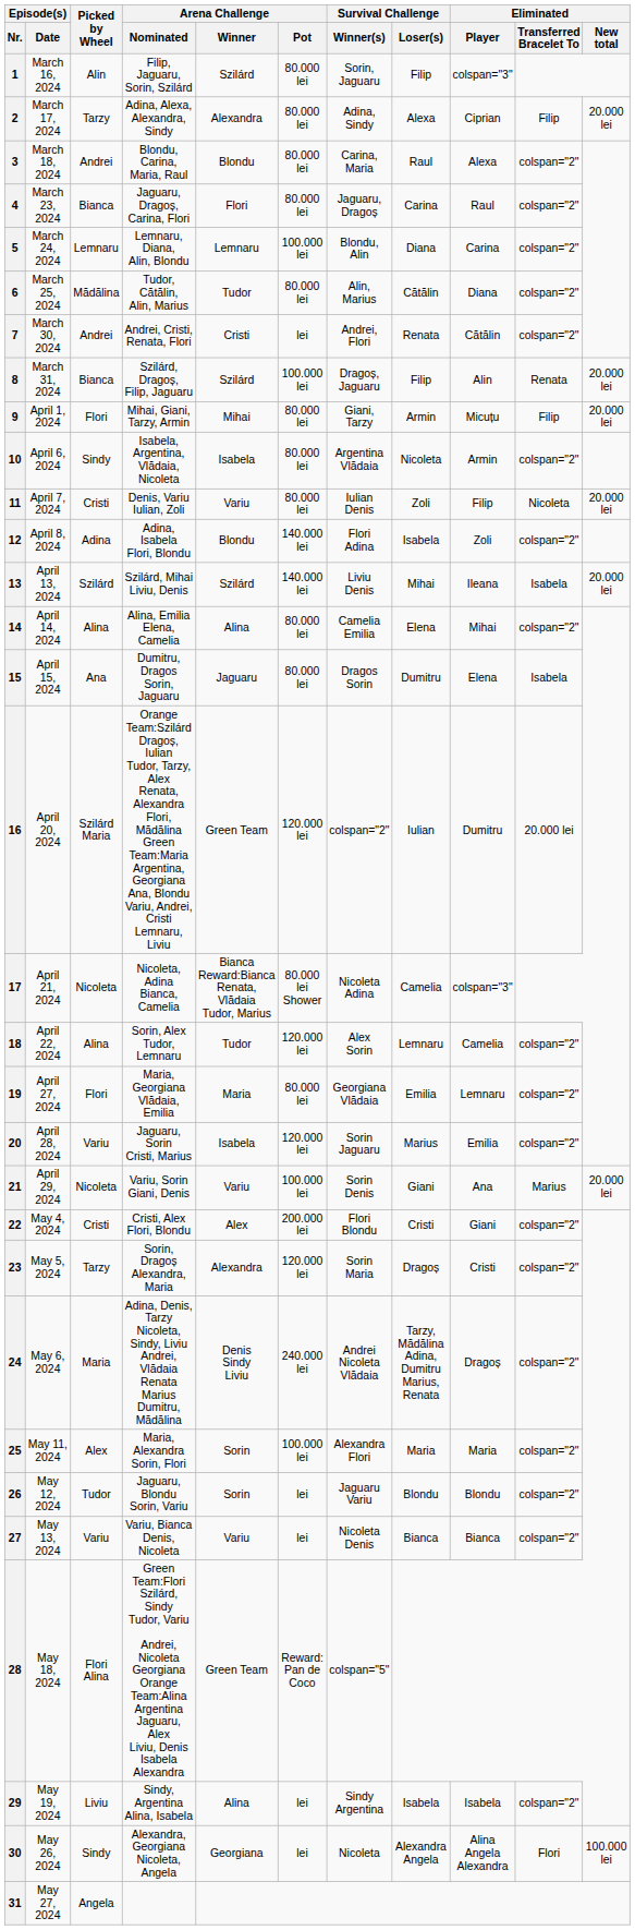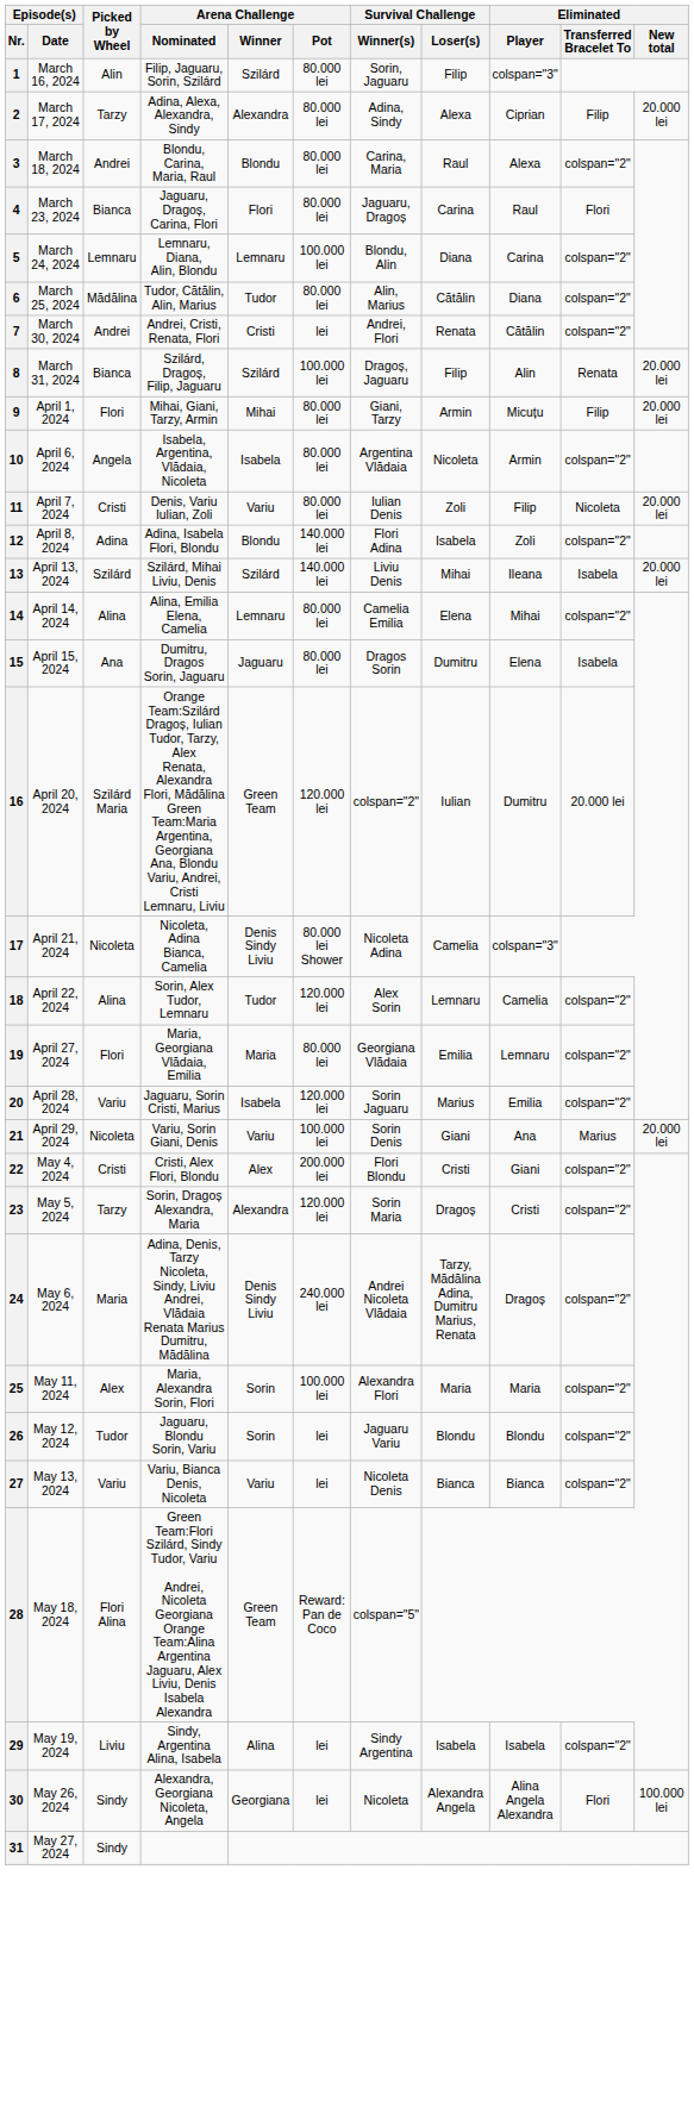 <table class="wikitable plainrowheaders nowrap" style="margin:auto; text-align:center">
 <tr>
 <th scope="col" colspan="2">Episode(s)</th>
 <th scope="col" rowspan="2">Picked <br>by Wheel</th>
 <th scope="col" colspan="3">Arena Challenge</th>
 <th scope="col" colspan="2">Survival Challenge</th>
 <th scope="col" colspan="3">Eliminated</th>
 </tr>
 <tr>
 <th>Nr.</th>
 <th>Date</th>
 <th>Nominated</th>
 <th>Winner</th>
 <th>Pot</th>
 <th>Winner(s)</th>
 <th>Loser(s)</th>
 <th>Player</th>
 <th>Transferred <br> Bracelet To</th>
 <th>New total</th>
 </tr>
 <tr>
 <th>1</th>
 <td>March 16, 2024</td>
 <td>Alin</td>
 <td>Filip, Jaguaru, <br> Sorin, Szilárd</td>
 <td>Szilárd</td>
 <td>80.000 lei</td>
 <td>Sorin, <br> Jaguaru</td>
 <td>Filip</td>
 <td>colspan="3" </td>
 </tr>
 <tr>
 <th>2</th>
 <td>March 17, 2024</td>
 <td>Tarzy</td>
 <td>Adina, Alexa, <br> Alexandra, Sindy</td>
 <td>Alexandra</td>
 <td>80.000 lei</td>
 <td>Adina, <br> Sindy</td>
 <td>Alexa</td>
 <td>Ciprian</td>
 <td>Filip</td>
 <td>20.000 lei</td>
 </tr>
 <tr>
 <th>3</th>
 <td>March 18, 2024</td>
 <td>Andrei</td>
 <td>Blondu, Carina, <br> Maria, Raul</td>
 <td>Blondu</td>
 <td>80.000 lei</td>
 <td>Carina, <br> Maria</td>
 <td>Raul</td>
 <td>Alexa</td>
 <td>colspan="2" </td>
 </tr>
 <tr>
 <th>4</th>
 <td>March 23, 2024</td>
 <td>Bianca</td>
 <td>Jaguaru, Dragoș, <br> Carina, Flori</td>
 <td>Flori</td>
 <td>80.000 lei</td>
 <td>Jaguaru, <br> Dragoș</td>
 <td>Carina</td>
 <td>Raul</td>
-<td>colspan="2" </td>
+<td>Flori</td>
 </tr>
 <tr>
 <th>5</th>
 <td>March 24, 2024</td>
 <td>Lemnaru</td>
 <td>Lemnaru, Diana, <br> Alin, Blondu</td>
 <td>Lemnaru</td>
 <td>100.000 lei</td>
 <td>Blondu, <br> Alin</td>
 <td>Diana</td>
 <td>Carina</td>
 <td>colspan="2" </td>
 </tr>
 <tr>
 <th>6</th>
 <td>March 25, 2024</td>
 <td>Mădălina</td>
 <td>Tudor, Cătălin, <br> Alin, Marius</td>
 <td>Tudor</td>
 <td>80.000 lei</td>
 <td>Alin, <br> Marius</td>
 <td>Cătălin</td>
 <td>Diana</td>
 <td>colspan="2" </td>
 </tr>
 <tr>
 <th>7</th>
 <td>March 30, 2024</td>
 <td>Andrei</td>
 <td>Andrei, Cristi, <br> Renata, Flori</td>
 <td>Cristi</td>
 <td>lei</td>
 <td>Andrei, <br> Flori</td>
 <td>Renata</td>
 <td>Cătălin</td>
 <td>colspan="2" </td>
 </tr>
 <tr>
 <th>8</th>
 <td>March 31, 2024</td>
 <td>Bianca</td>
 <td>Szilárd, Dragoș, <br> Filip, Jaguaru</td>
 <td>Szilárd</td>
 <td>100.000 lei</td>
 <td>Dragoș, <br> Jaguaru</td>
 <td>Filip</td>
 <td>Alin</td>
 <td>Renata</td>
 <td>20.000 lei</td>
 </tr>
 <tr>
 <th>9</th>
 <td>April 1, 2024</td>
 <td>Flori</td>
 <td>Mihai, Giani,<br>Tarzy, Armin</td>
 <td>Mihai</td>
 <td>80.000 lei</td>
 <td>Giani, <br> Tarzy</td>
 <td>Armin</td>
 <td>Micuțu</td>
 <td>Filip</td>
 <td>20.000 lei</td>
 </tr>
 <tr>
 <th>10</th>
 <td>April 6, 2024</td>
-<td>Sindy</td>
+<td>Angela</td>
 <td>Isabela, Argentina,<br>Vlădaia, Nicoleta</td>
 <td>Isabela</td>
 <td>80.000 lei</td>
 <td>Argentina <br> Vlădaia</td>
 <td>Nicoleta</td>
 <td>Armin</td>
 <td>colspan="2" </td>
 </tr>
 <tr>
 <th>11</th>
 <td>April 7, 2024</td>
 <td>Cristi</td>
 <td>Denis, Variu <br> Iulian, Zoli</td>
 <td>Variu</td>
 <td>80.000 lei</td>
 <td>Iulian <br> Denis</td>
 <td>Zoli</td>
 <td>Filip</td>
 <td>Nicoleta</td>
 <td>20.000 lei</td>
 </tr>
 <tr>
 <th>12</th>
 <td>April 8, 2024</td>
 <td>Adina</td>
 <td>Adina, Isabela <br> Flori, Blondu</td>
 <td>Blondu</td>
 <td>140.000 lei</td>
 <td>Flori <br> Adina</td>
 <td>Isabela</td>
 <td>Zoli</td>
 <td>colspan="2" </td>
 </tr>
 <tr>
 <th>13</th>
 <td>April 13, 2024</td>
 <td>Szilárd</td>
 <td>Szilárd, Mihai <br> Liviu, Denis</td>
 <td>Szilárd</td>
 <td>140.000 lei</td>
 <td>Liviu <br> Denis</td>
 <td>Mihai</td>
 <td>Ileana</td>
 <td>Isabela</td>
 <td>20.000 lei</td>
 </tr>
 <tr>
 <th>14</th>
 <td>April 14, 2024</td>
 <td>Alina</td>
 <td>Alina, Emilia <br> Elena, Camelia</td>
-<td>Alina</td>
+<td>Lemnaru</td>
 <td>80.000 lei</td>
 <td>Camelia <br> Emilia</td>
 <td>Elena</td>
 <td>Mihai</td>
 <td>colspan="2" </td>
 </tr>
 <tr>
 <th>15</th>
 <td>April 15, 2024</td>
 <td>Ana</td>
 <td>Dumitru, Dragos <br> Sorin, Jaguaru</td>
 <td>Jaguaru</td>
 <td>80.000 lei</td>
 <td>Dragos <br> Sorin</td>
 <td>Dumitru</td>
 <td>Elena</td>
 <td>Isabela</td>
 </tr>
 <tr>
 <th>16</th>
 <td>April 20, 2024</td>
 <td> Szilárd <br> Maria</td>
 <td>Orange Team:Szilárd <br> Dragoș,  Iulian <br> Tudor, Tarzy,  Alex <br> Renata, Alexandra <br> Flori, Mădălina<br>Green Team:Maria <br> Argentina, Georgiana <br> Ana, Blondu <br> Variu, Andrei, Cristi <br> Lemnaru, Liviu</td>
 <td>Green Team</td>
 <td>120.000 lei</td>
 <td>colspan="2" </td>
 <td>Iulian</td>
 <td>Dumitru</td>
 <td>20.000 lei</td>
 </tr>
 <tr>
 <th>17</th>
 <td>April 21, 2024</td>
 <td>Nicoleta</td>
 <td>Nicoleta, Adina <br> Bianca, Camelia</td>
-<td>Bianca <br> Reward:Bianca <br>  Renata, Vlădaia <br> Tudor, Marius</td>
+<td>Denis <br> Sindy <br> Liviu</td>
 <td>80.000 lei<br>Shower</td>
 <td>Nicoleta <br> Adina</td>
 <td>Camelia</td>
 <td>colspan="3" </td>
 </tr>
 <tr>
 <th>18</th>
 <td>April 22, 2024</td>
 <td>Alina</td>
 <td>Sorin, Alex <br> Tudor, Lemnaru</td>
 <td>Tudor</td>
 <td>120.000 lei</td>
 <td>Alex <br> Sorin</td>
 <td>Lemnaru</td>
 <td>Camelia</td>
 <td>colspan="2" </td>
 </tr>
 <tr>
 <th>19</th>
 <td>April 27, 2024</td>
 <td>Flori</td>
 <td>Maria, Georgiana <br> Vlădaia, Emilia</td>
 <td>Maria</td>
 <td>80.000 lei</td>
 <td>Georgiana <br> Vlădaia</td>
 <td>Emilia</td>
 <td>Lemnaru</td>
 <td>colspan="2" </td>
 </tr>
 <tr>
 <th>20</th>
 <td>April 28, 2024</td>
 <td>Variu</td>
 <td>Jaguaru, Sorin <br> Cristi, Marius</td>
 <td>Isabela</td>
 <td>120.000 lei</td>
 <td>Sorin <br> Jaguaru</td>
 <td>Marius</td>
 <td>Emilia</td>
 <td>colspan="2" </td>
 </tr>
 <tr>
 <th>21</th>
 <td>April 29, 2024</td>
 <td>Nicoleta</td>
 <td>Variu, Sorin <br> Giani, Denis</td>
 <td>Variu</td>
 <td>100.000 lei</td>
 <td>Sorin <br> Denis</td>
 <td>Giani</td>
 <td>Ana</td>
 <td>Marius</td>
 <td>20.000 lei</td>
 </tr>
 <tr>
 <th>22</th>
 <td>May 4, 2024</td>
 <td>Cristi</td>
 <td>Cristi, Alex <br> Flori, Blondu</td>
 <td>Alex</td>
 <td>200.000 lei</td>
 <td>Flori <br> Blondu</td>
 <td>Cristi</td>
 <td>Giani</td>
 <td>colspan="2" </td>
 </tr>
 <tr>
 <th>23</th>
 <td>May 5, 2024</td>
 <td>Tarzy</td>
 <td>Sorin, Dragoș <br> Alexandra, Maria</td>
 <td>Alexandra</td>
 <td>120.000 lei</td>
 <td>Sorin <br> Maria</td>
 <td>Dragoș</td>
 <td>Cristi</td>
 <td>colspan="2" </td>
 </tr>
 <tr>
 <th>24</th>
 <td>May 6, 2024</td>
 <td>Maria</td>
 <td> Adina, Denis, Tarzy <br> Nicoleta, Sindy, Liviu <br> Andrei, Vlădaia <br> Renata Marius <br> Dumitru, Mădălina</td>
 <td>Denis <br> Sindy <br> Liviu</td>
 <td>240.000 lei</td>
 <td>Andrei <br> Nicoleta <br> Vlădaia</td>
 <td> Tarzy, Mădălina <br> Adina, Dumitru <br> Marius, Renata</td>
 <td>Dragoș</td>
 <td>colspan="2" </td>
 </tr>
 <tr>
 <th>25</th>
 <td>May 11, 2024</td>
 <td>Alex</td>
 <td>Maria, Alexandra <br> Sorin, Flori</td>
 <td>Sorin</td>
 <td>100.000 lei</td>
 <td>Alexandra <br> Flori</td>
 <td>Maria</td>
 <td>Maria</td>
 <td>colspan="2" </td>
 </tr>
 <tr>
 <th>26</th>
 <td>May 12, 2024</td>
 <td>Tudor</td>
 <td>Jaguaru, Blondu <br> Sorin, Variu</td>
 <td>Sorin</td>
 <td>lei</td>
 <td>Jaguaru <br> Variu</td>
 <td>Blondu</td>
 <td>Blondu</td>
 <td>colspan="2" </td>
 </tr>
 <tr>
 <th>27</th>
 <td>May 13, 2024</td>
 <td>Variu</td>
 <td>Variu, Bianca <br> Denis, Nicoleta</td>
 <td>Variu</td>
 <td>lei</td>
 <td>Nicoleta <br> Denis</td>
 <td>Bianca</td>
 <td>Bianca</td>
 <td>colspan="2" </td>
 </tr>
 <tr>
 <th>28</th>
 <td>May 18, 2024</td>
 <td> Flori <br> Alina</td>
 <td>Green Team:Flori <br> Szilárd, Sindy <br> Tudor, Variu <br><br>Andrei, Nicoleta <br> Georgiana <br> Orange Team:Alina <br> Argentina <br> Jaguaru, Alex <br> Liviu, Denis <br> Isabela <br> Alexandra</td>
 <td>Green Team</td>
 <td>Reward:<br>Pan de Coco</td>
 <td>colspan="5" </td>
 </tr>
 <tr>
 <th>29</th>
 <td>May 19, 2024</td>
 <td>Liviu</td>
 <td>Sindy, Argentina <br> Alina, Isabela</td>
 <td>Alina</td>
 <td>lei</td>
 <td>Sindy <br> Argentina</td>
 <td>Isabela</td>
 <td>Isabela</td>
 <td>colspan="2" </td>
 </tr>
 <tr>
 <th>30</th>
 <td>May 26, 2024</td>
 <td>Sindy</td>
 <td>Alexandra, Georgiana <br> Nicoleta, Angela</td>
 <td>Georgiana</td>
 <td>lei</td>
 <td>Nicoleta</td>
 <td> Alexandra <br> Angela</td>
 <td> Alina <br> Angela <br>Alexandra</td>
 <td>Flori</td>
 <td>100.000 lei</td>
 </tr>
 <tr>
 <th>31</th>
 <td>May 27, 2024</td>
-<td>Angela</td>
+<td>Sindy</td>
 <td></td>
 </tr>
 </table>
